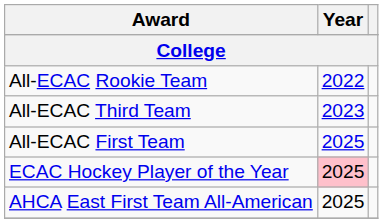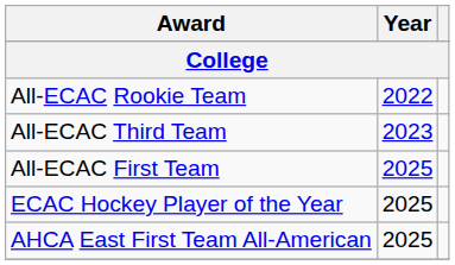 <table class="wikitable">
 <tr>
 <th>Award</th>
 <th>Year</th>
 <th></th>
 </tr>
 <tr ALIGN="center" bgcolor="#e0e0e0">
 </tr>
 <tr ALIGN="center" bgcolor="#e0e0e0">
 <th colspan="3"><a href='#'>College</a></th>
 </tr>
 <tr>
 <td>All-<a href='#'>ECAC</a> <a href='#'>Rookie Team</a></td>
 <td><a href='#'>2022</a></td>
 <td></td>
 </tr>
 <tr>
 <td>All-ECAC <a href='#'>Third Team</a></td>
 <td><a href='#'>2023</a></td>
 <td></td>
 </tr>
 <tr>
 <td>All-ECAC <a href='#'>First Team</a></td>
 <td><a href='#'>2025</a></td>
 <td></td>
 </tr>
 <tr>
 <td><a href='#'>ECAC Hockey Player of the Year</a></td>
-<td style="background: pink;">2025</td>
+<td>2025</td>
 <td></td>
 </tr>
 <tr>
 <td><a href='#'>AHCA</a> <a href='#'>East First Team All-American</a></td>
 <td>2025</td>
 <td></td>
 </tr>
 <tr>
 </tr>
 </table>
